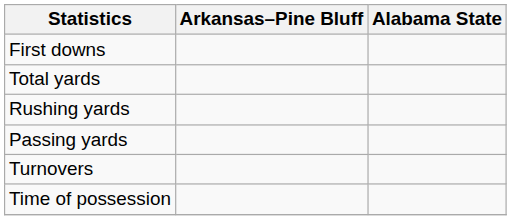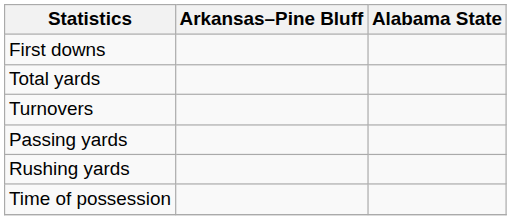 <table class="wikitable">
 <tr>
 <th>Statistics</th>
 <th>Arkansas–Pine Bluff</th>
 <th>Alabama State</th>
 </tr>
 <tr>
 <td>First downs</td>
 <td> </td>
 <td> </td>
 </tr>
 <tr>
 <td>Total yards</td>
 <td> </td>
 <td> </td>
 </tr>
 <tr>
-<td>Rushing yards</td>
+<td>Turnovers</td>
 <td> </td>
 <td> </td>
 </tr>
 <tr>
 <td>Passing yards</td>
 <td> </td>
 <td> </td>
 </tr>
 <tr>
-<td>Turnovers</td>
+<td>Rushing yards</td>
 <td> </td>
 <td> </td>
 </tr>
 <tr>
 <td>Time of possession</td>
 <td> </td>
 <td> </td>
 </tr>
 <tr>
 </tr>
 </table>
